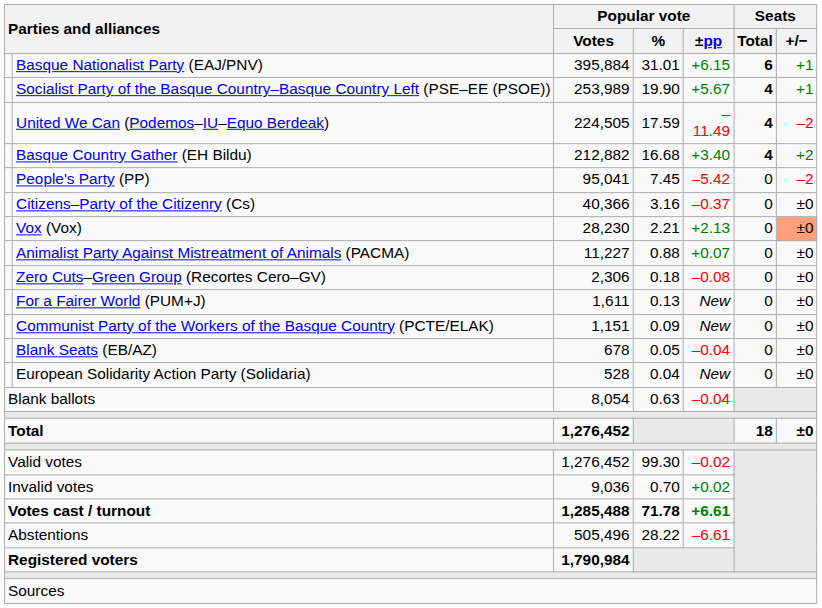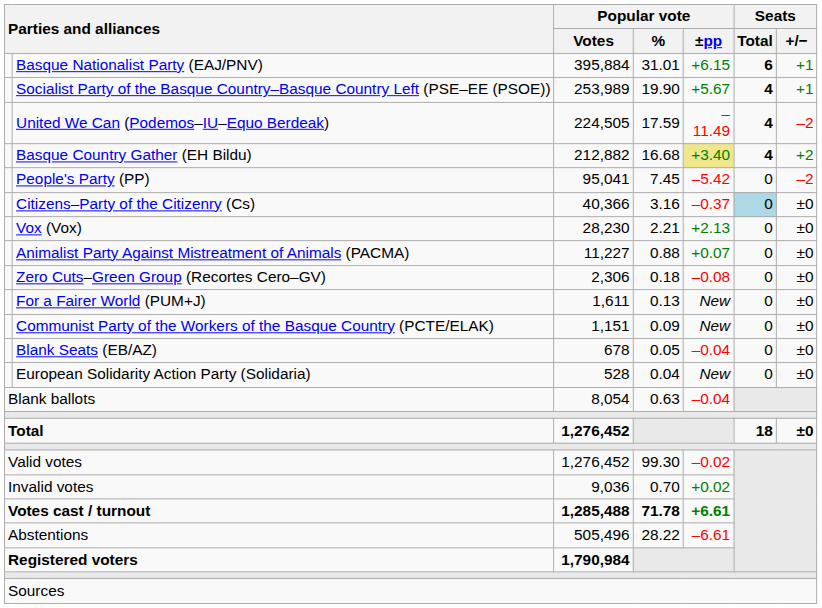 <table class="wikitable" style="text-align:right;">
 <tr>
 <th style="text-align:left;" rowspan="2" colspan="2" width="525">Parties and alliances</th>
 <th colspan="3">Popular vote</th>
 <th colspan="2">Seats</th>
 </tr>
 <tr>
 <th width="75">Votes</th>
 <th width="45">%</th>
 <th width="45">±<a href='#'>pp</a></th>
 <th width="35">Total</th>
 <th width="35">+/−</th>
 </tr>
 <tr>
 <td width="1" style="color:inherit;background:"></td>
 <td align="left"><a href='#'>Basque Nationalist Party</a> (EAJ/PNV)</td>
 <td>395,884</td>
 <td>31.01</td>
 <td style="color:green;">+6.15</td>
 <td><strong>6</strong></td>
 <td style="color:green;">+1</td>
 </tr>
 <tr>
 <td style="color:inherit;background:"></td>
 <td align="left"><a href='#'>Socialist Party of the Basque Country–Basque Country Left</a> (PSE–EE (PSOE))</td>
 <td>253,989</td>
 <td>19.90</td>
 <td style="color:green;">+5.67</td>
 <td><strong>4</strong></td>
 <td style="color:green;">+1</td>
 </tr>
 <tr>
 <td style="color:inherit;background:"></td>
 <td align="left"><a href='#'>United We Can</a> (<a href='#'>Podemos</a>–<a href='#'>IU</a>–<a href='#'>Equo Berdeak</a>)</td>
 <td>224,505</td>
 <td>17.59</td>
 <td style="color:red;">–11.49</td>
 <td><strong>4</strong></td>
 <td style="color:red;">–2</td>
 </tr>
 <tr>
 <td style="color:inherit;background:"></td>
 <td align="left"><a href='#'>Basque Country Gather</a> (EH Bildu)</td>
 <td>212,882</td>
 <td>16.68</td>
-<td style="color:green;">+3.40</td>
+<td style="background: khaki; color:green;">+3.40</td>
 <td><strong>4</strong></td>
 <td style="color:green;">+2</td>
 </tr>
 <tr>
 <td style="color:inherit;background:"></td>
 <td align="left"><a href='#'>People's Party</a> (PP)</td>
 <td>95,041</td>
 <td>7.45</td>
 <td style="color:red;">–5.42</td>
 <td>0</td>
 <td style="color:red;">–2</td>
 </tr>
 <tr>
 <td style="color:inherit;background:"></td>
 <td align="left"><a href='#'>Citizens–Party of the Citizenry</a> (Cs)</td>
 <td>40,366</td>
 <td>3.16</td>
 <td style="color:red;">–0.37</td>
-<td>0</td>
+<td style="background: lightblue;">0</td>
 <td>±0</td>
 </tr>
 <tr>
 <td style="color:inherit;background:"></td>
 <td align="left"><a href='#'>Vox</a> (Vox)</td>
 <td>28,230</td>
 <td>2.21</td>
 <td style="color:green;">+2.13</td>
 <td>0</td>
-<td style="background: lightsalmon;">±0</td>
+<td>±0</td>
 </tr>
 <tr>
 <td style="color:inherit;background:"></td>
 <td align="left"><a href='#'>Animalist Party Against Mistreatment of Animals</a> (PACMA)</td>
 <td>11,227</td>
 <td>0.88</td>
 <td style="color:green;">+0.07</td>
 <td>0</td>
 <td>±0</td>
 </tr>
 <tr>
 <td style="color:inherit;background:"></td>
 <td align="left"><a href='#'>Zero Cuts</a>–<a href='#'>Green Group</a> (Recortes Cero–GV)</td>
 <td>2,306</td>
 <td>0.18</td>
 <td style="color:red;">–0.08</td>
 <td>0</td>
 <td>±0</td>
 </tr>
 <tr>
 <td style="color:inherit;background:"></td>
 <td align="left"><a href='#'>For a Fairer World</a> (PUM+J)</td>
 <td>1,611</td>
 <td>0.13</td>
 <td><em>New</em></td>
 <td>0</td>
 <td>±0</td>
 </tr>
 <tr>
 <td style="color:inherit;background:"></td>
 <td align="left"><a href='#'>Communist Party of the Workers of the Basque Country</a> (PCTE/ELAK)</td>
 <td>1,151</td>
 <td>0.09</td>
 <td><em>New</em></td>
 <td>0</td>
 <td>±0</td>
 </tr>
 <tr>
 <td style="color:inherit;background:"></td>
 <td align="left"><a href='#'>Blank Seats</a> (EB/AZ)</td>
 <td>678</td>
 <td>0.05</td>
 <td style="color:red;">–0.04</td>
 <td>0</td>
 <td>±0</td>
 </tr>
 <tr>
 <td style="color:inherit;background:"></td>
 <td align="left">European Solidarity Action Party (Solidaria)</td>
 <td>528</td>
 <td>0.04</td>
 <td><em>New</em></td>
 <td>0</td>
 <td>±0</td>
 </tr>
 <tr>
 <td align="left" colspan="2">Blank ballots</td>
 <td>8,054</td>
 <td>0.63</td>
 <td style="color:red;">–0.04</td>
 <td bgcolor="#E9E9E9" colspan="2"></td>
 </tr>
 <tr>
 <td colspan="7" bgcolor="#E9E9E9"></td>
 </tr>
 <tr style="font-weight:bold;">
 <td align="left" colspan="2">Total</td>
 <td>1,276,452</td>
 <td bgcolor="#E9E9E9" colspan="2"></td>
 <td>18</td>
 <td>±0</td>
 </tr>
 <tr>
 <td colspan="7" bgcolor="#E9E9E9"></td>
 </tr>
 <tr>
 <td align="left" colspan="2">Valid votes</td>
 <td>1,276,452</td>
 <td>99.30</td>
 <td style="color:red;">–0.02</td>
 <td bgcolor="#E9E9E9" colspan="2" rowspan="5"></td>
 </tr>
 <tr>
 <td align="left" colspan="2">Invalid votes</td>
 <td>9,036</td>
 <td>0.70</td>
 <td style="color:green;">+0.02</td>
 </tr>
 <tr style="font-weight:bold;">
 <td align="left" colspan="2">Votes cast / turnout</td>
 <td>1,285,488</td>
 <td>71.78</td>
 <td style="color:green;">+6.61</td>
 </tr>
 <tr>
 <td align="left" colspan="2">Abstentions</td>
 <td>505,496</td>
 <td>28.22</td>
 <td style="color:red;">–6.61</td>
 </tr>
 <tr style="font-weight:bold;">
 <td align="left" colspan="2">Registered voters</td>
 <td>1,790,984</td>
 <td bgcolor="#E9E9E9" colspan="2"></td>
 </tr>
 <tr>
 <td colspan="7" bgcolor="#E9E9E9"></td>
 </tr>
 <tr>
 <td align="left" colspan="7">Sources</td>
 </tr>
 </table>
